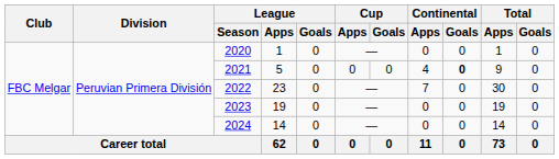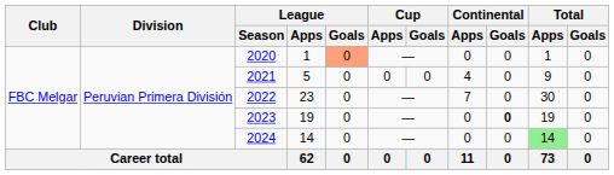 <table class="wikitable" style="text-align: center">
 <tr>
 <th rowspan="2">Club</th>
 <th rowspan="2">Division</th>
 <th colspan="3">League</th>
 <th colspan="2">Cup</th>
 <th colspan="2">Continental</th>
 <th colspan="2">Total</th>
 </tr>
 <tr>
 <th>Season</th>
 <th>Apps</th>
 <th>Goals</th>
 <th>Apps</th>
 <th>Goals</th>
 <th>Apps</th>
 <th>Goals</th>
 <th>Apps</th>
 <th>Goals</th>
 </tr>
 <tr>
 <td rowspan="5"><a href='#'>FBC Melgar</a></td>
 <td rowspan="5"><a href='#'>Peruvian Primera División</a></td>
 <td><a href='#'>2020</a></td>
 <td>1</td>
-<td>0</td>
+<td style="background: lightsalmon;">0</td>
 <td colspan="2">—</td>
 <td>0</td>
 <td>0</td>
 <td>1</td>
 <td>0</td>
 </tr>
 <tr>
 <td><a href='#'>2021</a></td>
 <td>5</td>
 <td>0</td>
 <td>0</td>
 <td>0</td>
 <td>4</td>
-<td><strong>0</strong></td>
+<td>0</td>
 <td>9</td>
 <td>0</td>
 </tr>
 <tr>
 <td><a href='#'>2022</a></td>
 <td>23</td>
 <td>0</td>
 <td colspan="2">—</td>
 <td>7</td>
 <td>0</td>
 <td>30</td>
 <td>0</td>
 </tr>
 <tr>
 <td><a href='#'>2023</a></td>
 <td>19</td>
 <td>0</td>
 <td colspan="2">—</td>
 <td>0</td>
-<td>0</td>
+<td><strong>0</strong></td>
 <td>19</td>
 <td>0</td>
 </tr>
 <tr>
 <td><a href='#'>2024</a></td>
 <td>14</td>
 <td>0</td>
 <td colspan="2">—</td>
 <td>0</td>
 <td>0</td>
-<td>14</td>
+<td style="background: lightgreen;">14</td>
 <td>0</td>
 </tr>
 <tr>
 <th colspan="3" valign="center">Career total</th>
 <th>62</th>
 <th>0</th>
 <th>0</th>
 <th>0</th>
 <th>11</th>
 <th>0</th>
 <th>73</th>
 <th>0</th>
 </tr>
 </table>
